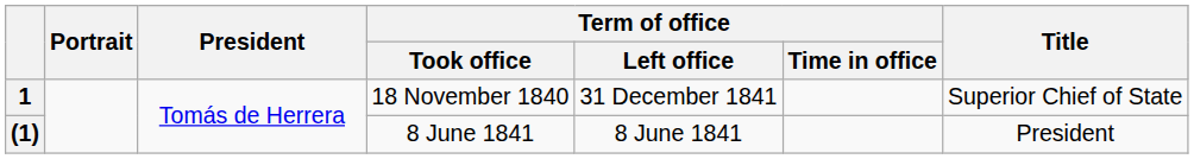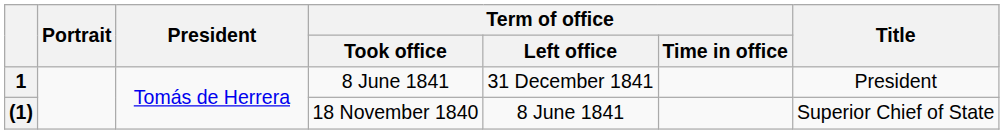 <table class="wikitable" style="text-align:center">
 <tr style="background:#cccccc">
 <th rowspan="2"></th>
 <th rowspan="2">Portrait</th>
 <th rowspan="2" width="150">President<br></th>
 <th colspan="3" width="100">Term of office</th>
 <th rowspan="2">Title</th>
 </tr>
 <tr>
 <th>Took office</th>
 <th>Left office</th>
 <th>Time in office</th>
 </tr>
 <tr>
 <th style="background:">1</th>
 <td rowspan="2"></td>
 <td rowspan="2"><a href='#'>Tomás de Herrera</a><br></td>
+<td>8 June 1841</td>
+<td>31 December 1841</td>
+<td></td>
+<td>President</td>
+</tr>
+<tr>
+<th style="background:">(1)</th>
 <td>18 November 1840</td>
-<td>31 December 1841</td>
+<td>8 June 1841</td>
 <td></td>
 <td>Superior Chief of State</td>
 </tr>
-<tr>
-<th style="background:">(1)</th>
-<td>8 June 1841</td>
-<td>8 June 1841</td>
-<td></td>
-<td>President</td>
-</tr>
 </table>
